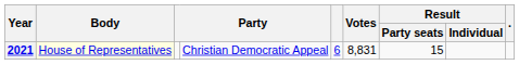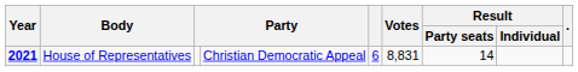 <table class="wikitable plainrowheaders sortable" border=2 cellpadding=4 cellspacing=0 style="border: 1px #aaa solid; font-size: 90%; text-align:center;">
 <tr>
 <th scope="col" rowspan=2>Year</th>
 <th scope="col" rowspan=2>Body</th>
 <th scope="col" colspan=2 rowspan=2>Party</th>
 <th scope="col" rowspan=2></th>
 <th scope="col" rowspan=2>Votes</th>
 <th scope="colgroup" colspan=2>Result</th>
 <th scope="col" rowspan=2 class="unsortable">.</th>
 </tr>
 <tr>
 <th scope="col">Party seats</th>
 <th scope="col">Individual</th>
 </tr>
 <tr>
 <th scope="row"><a href='#'>2021</a></th>
-<td style="background: lightyellow;"><a href='#'>House of Representatives</a></td>
+<td><a href='#'>House of Representatives</a></td>
 <td style="background-color:"></td>
 <td><a href='#'>Christian Democratic Appeal</a></td>
 <td style=text-align:right><a href='#'>6</a></td>
 <td style=text-align:right>8,831</td>
-<td style=text-align:right>15</td>
+<td style=text-align:right>14</td>
 <td></td>
 <td></td>
 </tr>
 </table>
